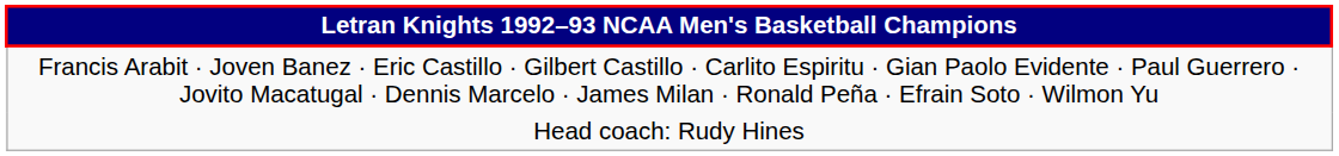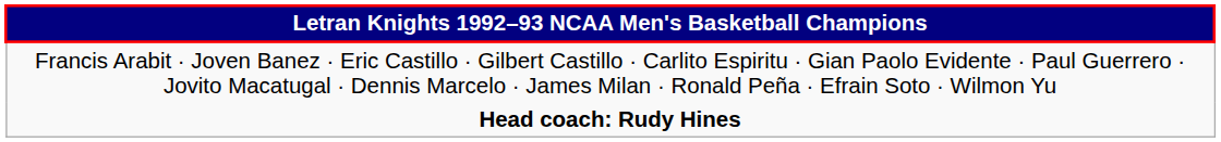 <table class="wikitable" style="text-align: center">
 <tr>
 <th style = "background:#020080; border:2px solid red; color:white">Letran Knights 1992–93 NCAA Men's Basketball Champions</th>
 </tr>
 <tr>
 <td style="border-style: none none none none;">Francis Arabit · Joven Banez · Eric Castillo · Gilbert Castillo · Carlito Espiritu · Gian Paolo Evidente · Paul Guerrero · Jovito Macatugal · Dennis Marcelo · James Milan · Ronald Peña · Efrain Soto · Wilmon Yu</td>
 </tr>
 <tr>
-<td style="border-style: none none none none;">Head coach: Rudy Hines</td>
+<td style="border-style: none none none none;"><strong>Head coach: Rudy Hines</strong></td>
 </tr>
 </table>
